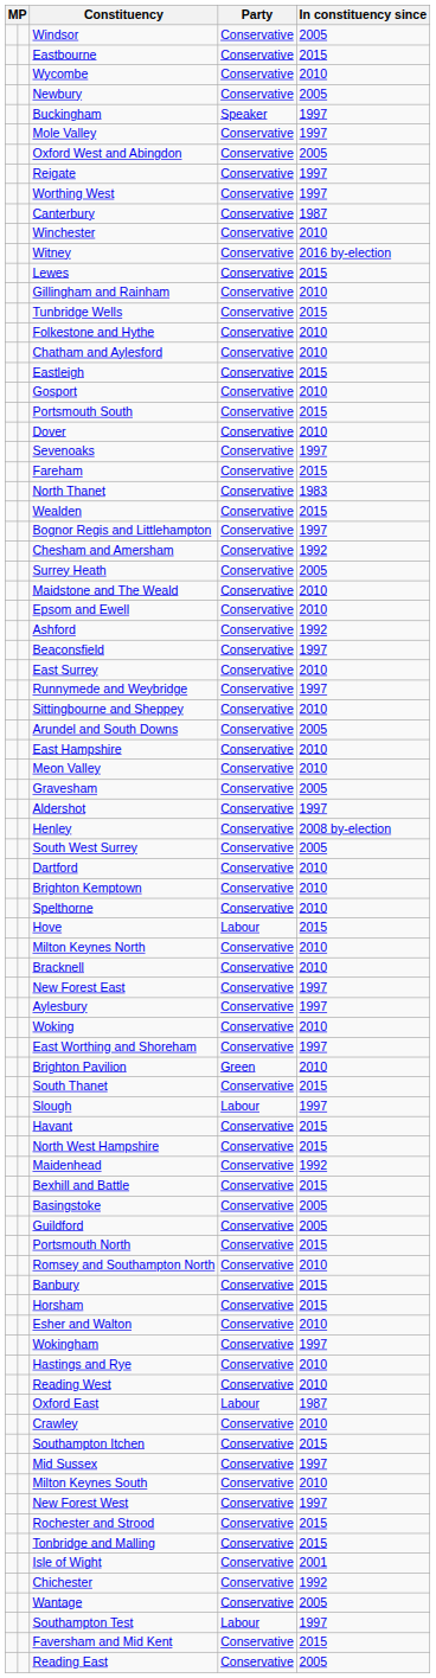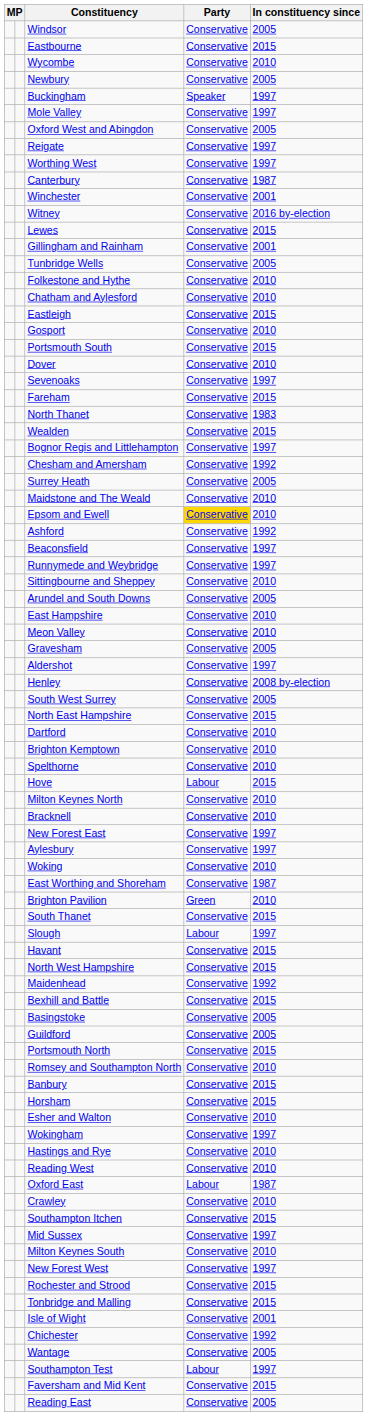 <table class="wikitable sortable">
 <tr>
 <th colspan=2>MP</th>
 <th>Constituency</th>
 <th>Party</th>
 <th>In constituency since</th>
 </tr>
 <tr>
 <td style="background-color: "></td>
 <td></td>
 <td><a href='#'>Windsor</a></td>
 <td><a href='#'>Conservative</a></td>
 <td><a href='#'>2005</a></td>
 </tr>
 <tr>
 <td style="background-color: "></td>
 <td></td>
 <td><a href='#'>Eastbourne</a></td>
 <td><a href='#'>Conservative</a></td>
 <td><a href='#'>2015</a></td>
 </tr>
 <tr>
 <td style="background-color: "></td>
 <td></td>
 <td><a href='#'>Wycombe</a></td>
 <td><a href='#'>Conservative</a></td>
 <td><a href='#'>2010</a></td>
 </tr>
 <tr>
 <td style="background-color: "></td>
 <td></td>
 <td><a href='#'>Newbury</a></td>
 <td><a href='#'>Conservative</a></td>
 <td><a href='#'>2005</a></td>
 </tr>
 <tr>
 <td style="background-color: "></td>
 <td></td>
 <td><a href='#'>Buckingham</a></td>
 <td><a href='#'>Speaker</a></td>
 <td><a href='#'>1997</a></td>
 </tr>
 <tr>
 <td style="background-color: "></td>
 <td></td>
 <td><a href='#'>Mole Valley</a></td>
 <td><a href='#'>Conservative</a></td>
 <td><a href='#'>1997</a></td>
 </tr>
 <tr>
 <td style="background-color: "></td>
 <td></td>
 <td><a href='#'>Oxford West and Abingdon</a></td>
 <td><a href='#'>Conservative</a></td>
 <td><a href='#'>2005</a></td>
 </tr>
 <tr>
 <td style="background-color: "></td>
 <td></td>
 <td><a href='#'>Reigate</a></td>
 <td><a href='#'>Conservative</a></td>
 <td><a href='#'>1997</a></td>
 </tr>
 <tr>
 <td style="background-color: "></td>
 <td></td>
 <td><a href='#'>Worthing West</a></td>
 <td><a href='#'>Conservative</a></td>
 <td><a href='#'>1997</a></td>
 </tr>
 <tr>
 <td style="background-color: "></td>
 <td></td>
 <td><a href='#'>Canterbury</a></td>
 <td><a href='#'>Conservative</a></td>
 <td><a href='#'>1987</a></td>
 </tr>
 <tr>
 <td style="background-color: "></td>
 <td></td>
 <td><a href='#'>Winchester</a></td>
 <td><a href='#'>Conservative</a></td>
-<td><a href='#'>2010</a></td>
+<td><a href='#'>2001</a></td>
 </tr>
 <tr>
 <td style="background-color: "></td>
 <td></td>
 <td><a href='#'>Witney</a></td>
 <td><a href='#'>Conservative</a></td>
 <td><a href='#'>2016 by-election</a></td>
 </tr>
 <tr>
 <td style="background-color: "></td>
 <td></td>
 <td><a href='#'>Lewes</a></td>
 <td><a href='#'>Conservative</a></td>
 <td><a href='#'>2015</a></td>
 </tr>
 <tr>
 <td style="background-color: "></td>
 <td></td>
 <td><a href='#'>Gillingham and Rainham</a></td>
 <td><a href='#'>Conservative</a></td>
-<td><a href='#'>2010</a></td>
+<td><a href='#'>2001</a></td>
 </tr>
 <tr>
 <td style="background-color: "></td>
 <td></td>
 <td><a href='#'>Tunbridge Wells</a></td>
 <td><a href='#'>Conservative</a></td>
-<td><a href='#'>2015</a></td>
+<td><a href='#'>2005</a></td>
 </tr>
 <tr>
 <td style="background-color: "></td>
 <td></td>
 <td><a href='#'>Folkestone and Hythe</a></td>
 <td><a href='#'>Conservative</a></td>
 <td><a href='#'>2010</a></td>
 </tr>
 <tr>
 <td style="background-color: "></td>
 <td></td>
 <td><a href='#'>Chatham and Aylesford</a></td>
 <td><a href='#'>Conservative</a></td>
 <td><a href='#'>2010</a></td>
 </tr>
 <tr>
 <td style="background-color: "></td>
 <td></td>
 <td><a href='#'>Eastleigh</a></td>
 <td><a href='#'>Conservative</a></td>
 <td><a href='#'>2015</a></td>
 </tr>
 <tr>
 <td style="background-color: "></td>
 <td></td>
 <td><a href='#'>Gosport</a></td>
 <td><a href='#'>Conservative</a></td>
 <td><a href='#'>2010</a></td>
 </tr>
 <tr>
 <td style="background-color: "></td>
 <td></td>
 <td><a href='#'>Portsmouth South</a></td>
 <td><a href='#'>Conservative</a></td>
 <td><a href='#'>2015</a></td>
 </tr>
 <tr>
 <td style="background-color: "></td>
 <td></td>
 <td><a href='#'>Dover</a></td>
 <td><a href='#'>Conservative</a></td>
 <td><a href='#'>2010</a></td>
 </tr>
 <tr>
 <td style="background-color: "></td>
 <td></td>
 <td><a href='#'>Sevenoaks</a></td>
 <td><a href='#'>Conservative</a></td>
 <td><a href='#'>1997</a></td>
 </tr>
 <tr>
 <td style="background-color: "></td>
 <td></td>
 <td><a href='#'>Fareham</a></td>
 <td><a href='#'>Conservative</a></td>
 <td><a href='#'>2015</a></td>
 </tr>
 <tr>
 <td style="background-color: "></td>
 <td></td>
 <td><a href='#'>North Thanet</a></td>
 <td><a href='#'>Conservative</a></td>
 <td><a href='#'>1983</a></td>
 </tr>
 <tr>
 <td style="background-color: "></td>
 <td></td>
 <td><a href='#'>Wealden</a></td>
 <td><a href='#'>Conservative</a></td>
 <td><a href='#'>2015</a></td>
 </tr>
 <tr>
 <td style="background-color: "></td>
 <td></td>
 <td><a href='#'>Bognor Regis and Littlehampton</a></td>
 <td><a href='#'>Conservative</a></td>
 <td><a href='#'>1997</a></td>
 </tr>
 <tr>
 <td style="background-color: "></td>
 <td></td>
 <td><a href='#'>Chesham and Amersham</a></td>
 <td><a href='#'>Conservative</a></td>
 <td><a href='#'>1992</a></td>
 </tr>
 <tr>
 <td style="background-color: "></td>
 <td></td>
 <td><a href='#'>Surrey Heath</a></td>
 <td><a href='#'>Conservative</a></td>
 <td><a href='#'>2005</a></td>
 </tr>
 <tr>
 <td style="background-color: "></td>
 <td></td>
 <td><a href='#'>Maidstone and The Weald</a></td>
 <td><a href='#'>Conservative</a></td>
 <td><a href='#'>2010</a></td>
 </tr>
 <tr>
 <td style="background-color: "></td>
 <td></td>
 <td><a href='#'>Epsom and Ewell</a></td>
-<td><a href='#'>Conservative</a></td>
+<td style="background: gold;"><a href='#'>Conservative</a></td>
 <td><a href='#'>2010</a></td>
 </tr>
 <tr>
 <td style="background-color: "></td>
 <td></td>
 <td><a href='#'>Ashford</a></td>
 <td><a href='#'>Conservative</a></td>
 <td><a href='#'>1992</a></td>
 </tr>
 <tr>
 <td style="background-color: "></td>
 <td></td>
 <td><a href='#'>Beaconsfield</a></td>
 <td><a href='#'>Conservative</a></td>
 <td><a href='#'>1997</a></td>
-</tr>
-<tr>
-<td style="background-color: "></td>
-<td></td>
-<td><a href='#'>East Surrey</a></td>
-<td><a href='#'>Conservative</a></td>
-<td><a href='#'>2010</a></td>
 </tr>
 <tr>
 <td style="background-color: "></td>
 <td></td>
 <td><a href='#'>Runnymede and Weybridge</a></td>
 <td><a href='#'>Conservative</a></td>
 <td><a href='#'>1997</a></td>
 </tr>
 <tr>
 <td style="background-color: "></td>
 <td></td>
 <td><a href='#'>Sittingbourne and Sheppey</a></td>
 <td><a href='#'>Conservative</a></td>
 <td><a href='#'>2010</a></td>
 </tr>
 <tr>
 <td style="background-color: "></td>
 <td></td>
 <td><a href='#'>Arundel and South Downs</a></td>
 <td><a href='#'>Conservative</a></td>
 <td><a href='#'>2005</a></td>
 </tr>
 <tr>
 <td style="background-color: "></td>
 <td></td>
 <td><a href='#'>East Hampshire</a></td>
 <td><a href='#'>Conservative</a></td>
 <td><a href='#'>2010</a></td>
 </tr>
 <tr>
 <td style="background-color: "></td>
 <td></td>
 <td><a href='#'>Meon Valley</a></td>
 <td><a href='#'>Conservative</a></td>
 <td><a href='#'>2010</a></td>
 </tr>
 <tr>
 <td style="background-color: "></td>
 <td></td>
 <td><a href='#'>Gravesham</a></td>
 <td><a href='#'>Conservative</a></td>
 <td><a href='#'>2005</a></td>
 </tr>
 <tr>
 <td style="background-color: "></td>
 <td></td>
 <td><a href='#'>Aldershot</a></td>
 <td><a href='#'>Conservative</a></td>
 <td><a href='#'>1997</a></td>
 </tr>
 <tr>
 <td style="background-color: "></td>
 <td></td>
 <td><a href='#'>Henley</a></td>
 <td><a href='#'>Conservative</a></td>
 <td><a href='#'>2008 by-election</a></td>
 </tr>
 <tr>
 <td style="background-color: "></td>
 <td></td>
 <td><a href='#'>South West Surrey</a></td>
 <td><a href='#'>Conservative</a></td>
 <td><a href='#'>2005</a></td>
+</tr>
+<tr>
+<td style="background-color: "></td>
+<td></td>
+<td><a href='#'>North East Hampshire</a></td>
+<td><a href='#'>Conservative</a></td>
+<td><a href='#'>2015</a></td>
 </tr>
 <tr>
 <td style="background-color: "></td>
 <td></td>
 <td><a href='#'>Dartford</a></td>
 <td><a href='#'>Conservative</a></td>
 <td><a href='#'>2010</a></td>
 </tr>
 <tr>
 <td style="background-color: "></td>
 <td></td>
 <td><a href='#'>Brighton Kemptown</a></td>
 <td><a href='#'>Conservative</a></td>
 <td><a href='#'>2010</a></td>
 </tr>
 <tr>
 <td style="background-color: "></td>
 <td></td>
 <td><a href='#'>Spelthorne</a></td>
 <td><a href='#'>Conservative</a></td>
 <td><a href='#'>2010</a></td>
 </tr>
 <tr>
 <td style="background-color: "></td>
 <td></td>
 <td><a href='#'>Hove</a></td>
 <td><a href='#'>Labour</a></td>
 <td><a href='#'>2015</a></td>
 </tr>
 <tr>
 <td style="background-color: "></td>
 <td></td>
 <td><a href='#'>Milton Keynes North</a></td>
 <td><a href='#'>Conservative</a></td>
 <td><a href='#'>2010</a></td>
 </tr>
 <tr>
 <td style="background-color: "></td>
 <td></td>
 <td><a href='#'>Bracknell</a></td>
 <td><a href='#'>Conservative</a></td>
 <td><a href='#'>2010</a></td>
 </tr>
 <tr>
 <td style="background-color: "></td>
 <td></td>
 <td><a href='#'>New Forest East</a></td>
 <td><a href='#'>Conservative</a></td>
 <td><a href='#'>1997</a></td>
 </tr>
 <tr>
 <td style="background-color: "></td>
 <td></td>
 <td><a href='#'>Aylesbury</a></td>
 <td><a href='#'>Conservative</a></td>
 <td><a href='#'>1997</a></td>
 </tr>
 <tr>
 <td style="background-color: "></td>
 <td></td>
 <td><a href='#'>Woking</a></td>
 <td><a href='#'>Conservative</a></td>
 <td><a href='#'>2010</a></td>
 </tr>
 <tr>
 <td style="background-color: "></td>
 <td></td>
 <td><a href='#'>East Worthing and Shoreham</a></td>
 <td><a href='#'>Conservative</a></td>
-<td><a href='#'>1997</a></td>
+<td><a href='#'>1987</a></td>
 </tr>
 <tr>
 <td style="background-color: "></td>
 <td></td>
 <td><a href='#'>Brighton Pavilion</a></td>
 <td><a href='#'>Green</a></td>
 <td><a href='#'>2010</a></td>
 </tr>
 <tr>
 <td style="background-color: "></td>
 <td></td>
 <td><a href='#'>South Thanet</a></td>
 <td><a href='#'>Conservative</a></td>
 <td><a href='#'>2015</a></td>
 </tr>
 <tr>
 <td style="background-color: "></td>
 <td></td>
 <td><a href='#'>Slough</a></td>
 <td><a href='#'>Labour</a></td>
 <td><a href='#'>1997</a></td>
 </tr>
 <tr>
 <td style="background-color: "></td>
 <td></td>
 <td><a href='#'>Havant</a></td>
 <td><a href='#'>Conservative</a></td>
 <td><a href='#'>2015</a></td>
 </tr>
 <tr>
 <td style="background-color: "></td>
 <td></td>
 <td><a href='#'>North West Hampshire</a></td>
 <td><a href='#'>Conservative</a></td>
 <td><a href='#'>2015</a></td>
 </tr>
 <tr>
 <td style="background-color: "></td>
 <td></td>
 <td><a href='#'>Maidenhead</a></td>
 <td><a href='#'>Conservative</a></td>
 <td><a href='#'>1992</a></td>
 </tr>
 <tr>
 <td style="background-color: "></td>
 <td></td>
 <td><a href='#'>Bexhill and Battle</a></td>
 <td><a href='#'>Conservative</a></td>
 <td><a href='#'>2015</a></td>
 </tr>
 <tr>
 <td style="background-color: "></td>
 <td></td>
 <td><a href='#'>Basingstoke</a></td>
 <td><a href='#'>Conservative</a></td>
 <td><a href='#'>2005</a></td>
 </tr>
 <tr>
 <td style="background-color: "></td>
 <td></td>
 <td><a href='#'>Guildford</a></td>
 <td><a href='#'>Conservative</a></td>
 <td><a href='#'>2005</a></td>
 </tr>
 <tr>
 <td style="background-color: "></td>
 <td></td>
 <td><a href='#'>Portsmouth North</a></td>
 <td><a href='#'>Conservative</a></td>
 <td><a href='#'>2015</a></td>
 </tr>
 <tr>
 <td style="background-color: "></td>
 <td></td>
 <td><a href='#'>Romsey and Southampton North</a></td>
 <td><a href='#'>Conservative</a></td>
 <td><a href='#'>2010</a></td>
 </tr>
 <tr>
 <td style="background-color: "></td>
 <td></td>
 <td><a href='#'>Banbury</a></td>
 <td><a href='#'>Conservative</a></td>
 <td><a href='#'>2015</a></td>
 </tr>
 <tr>
 <td style="background-color: "></td>
 <td></td>
 <td><a href='#'>Horsham</a></td>
 <td><a href='#'>Conservative</a></td>
 <td><a href='#'>2015</a></td>
 </tr>
 <tr>
 <td style="background-color: "></td>
 <td></td>
 <td><a href='#'>Esher and Walton</a></td>
 <td><a href='#'>Conservative</a></td>
 <td><a href='#'>2010</a></td>
 </tr>
 <tr>
 <td style="background-color: "></td>
 <td></td>
 <td><a href='#'>Wokingham</a></td>
 <td><a href='#'>Conservative</a></td>
 <td><a href='#'>1997</a></td>
 </tr>
 <tr>
 <td style="background-color: "></td>
 <td></td>
 <td><a href='#'>Hastings and Rye</a></td>
 <td><a href='#'>Conservative</a></td>
 <td><a href='#'>2010</a></td>
 </tr>
 <tr>
 <td style="background-color: "></td>
 <td></td>
 <td><a href='#'>Reading West</a></td>
 <td><a href='#'>Conservative</a></td>
 <td><a href='#'>2010</a></td>
 </tr>
 <tr>
 <td style="background-color: "></td>
 <td></td>
 <td><a href='#'>Oxford East</a></td>
 <td><a href='#'>Labour</a></td>
 <td><a href='#'>1987</a></td>
 </tr>
 <tr>
 <td style="background-color: "></td>
 <td></td>
 <td><a href='#'>Crawley</a></td>
 <td><a href='#'>Conservative</a></td>
 <td><a href='#'>2010</a></td>
 </tr>
 <tr>
 <td style="background-color: "></td>
 <td></td>
 <td><a href='#'>Southampton Itchen</a></td>
 <td><a href='#'>Conservative</a></td>
 <td><a href='#'>2015</a></td>
 </tr>
 <tr>
 <td style="background-color: "></td>
 <td></td>
 <td><a href='#'>Mid Sussex</a></td>
 <td><a href='#'>Conservative</a></td>
 <td><a href='#'>1997</a></td>
 </tr>
 <tr>
 <td style="background-color: "></td>
 <td></td>
 <td><a href='#'>Milton Keynes South</a></td>
 <td><a href='#'>Conservative</a></td>
 <td><a href='#'>2010</a></td>
 </tr>
 <tr>
 <td style="background-color: "></td>
 <td></td>
 <td><a href='#'>New Forest West</a></td>
 <td><a href='#'>Conservative</a></td>
 <td><a href='#'>1997</a></td>
 </tr>
 <tr>
 <td style="background-color: "></td>
 <td></td>
 <td><a href='#'>Rochester and Strood</a></td>
 <td><a href='#'>Conservative</a></td>
 <td><a href='#'>2015</a></td>
 </tr>
 <tr>
 <td style="background-color: "></td>
 <td></td>
 <td><a href='#'>Tonbridge and Malling</a></td>
 <td><a href='#'>Conservative</a></td>
 <td><a href='#'>2015</a></td>
 </tr>
 <tr>
 <td style="background-color: "></td>
 <td></td>
 <td><a href='#'>Isle of Wight</a></td>
 <td><a href='#'>Conservative</a></td>
 <td><a href='#'>2001</a></td>
 </tr>
 <tr>
 <td style="background-color: "></td>
 <td></td>
 <td><a href='#'>Chichester</a></td>
 <td><a href='#'>Conservative</a></td>
 <td><a href='#'>1992</a></td>
 </tr>
 <tr>
 <td style="background-color: "></td>
 <td></td>
 <td><a href='#'>Wantage</a></td>
 <td><a href='#'>Conservative</a></td>
 <td><a href='#'>2005</a></td>
 </tr>
 <tr>
 <td style="background-color: "></td>
 <td></td>
 <td><a href='#'>Southampton Test</a></td>
 <td><a href='#'>Labour</a></td>
 <td><a href='#'>1997</a></td>
 </tr>
 <tr>
 <td style="background-color: "></td>
 <td></td>
 <td><a href='#'>Faversham and Mid Kent</a></td>
 <td><a href='#'>Conservative</a></td>
 <td><a href='#'>2015</a></td>
 </tr>
 <tr>
 <td style="background-color: "></td>
 <td></td>
 <td><a href='#'>Reading East</a></td>
 <td><a href='#'>Conservative</a></td>
 <td><a href='#'>2005</a></td>
 </tr>
 </table>
